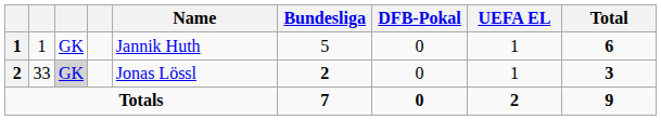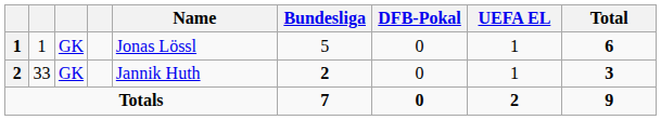 <table class="wikitable" style="text-align:center">
 <tr>
 <th width=15></th>
 <th width=15></th>
 <th width=15></th>
 <th width=15></th>
 <th width=145>Name</th>
 <th width=80><a href='#'>Bundesliga</a></th>
 <th width=80><a href='#'>DFB-Pokal</a></th>
 <th width=80><a href='#'>UEFA EL</a></th>
 <th width=80>Total</th>
 </tr>
 <tr>
 <th>1</th>
 <td>1</td>
 <td><a href='#'>GK</a></td>
 <td></td>
-<td align=left><a href='#'>Jannik Huth</a></td>
+<td align=left><a href='#'>Jonas Lössl</a></td>
 <td>5</td>
 <td>0</td>
 <td>1</td>
 <td><strong>6</strong></td>
 </tr>
 <tr>
 <th>2</th>
 <td>33</td>
-<td style="background: lightgrey;"><a href='#'>GK</a></td>
+<td><a href='#'>GK</a></td>
 <td></td>
-<td align=left><a href='#'>Jonas Lössl</a></td>
+<td align=left><a href='#'>Jannik Huth</a></td>
 <td><strong>2</strong></td>
 <td>0</td>
 <td>1</td>
 <td><strong>3</strong></td>
 </tr>
 <tr>
 <td colspan=5><strong>Totals</strong></td>
 <td><strong>7</strong></td>
 <td><strong>0</strong></td>
 <td><strong>2</strong></td>
 <td><strong>9</strong></td>
 </tr>
 </table>
